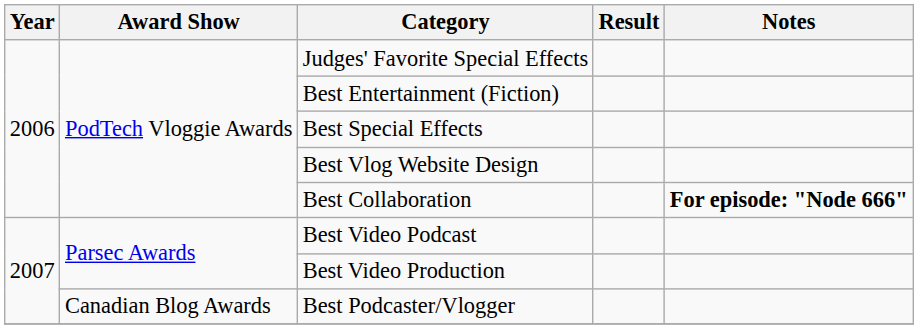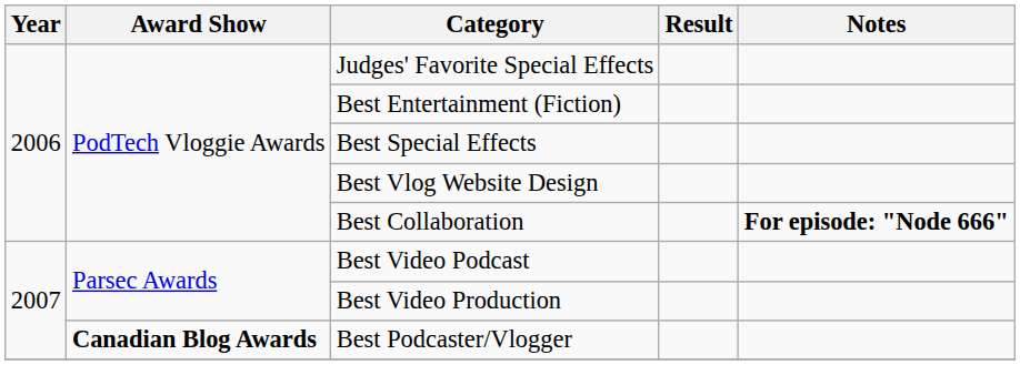 <table class="wikitable">
 <tr>
 <th>Year</th>
 <th>Award Show</th>
 <th>Category</th>
 <th>Result</th>
 <th>Notes</th>
 </tr>
 <tr>
 <td rowspan="5">2006</td>
 <td rowspan="5"><a href='#'>PodTech</a> Vloggie Awards</td>
 <td>Judges' Favorite Special Effects</td>
 <td></td>
 <td></td>
 </tr>
 <tr>
 <td>Best Entertainment (Fiction)</td>
 <td></td>
 <td></td>
 </tr>
 <tr>
 <td>Best Special Effects</td>
 <td></td>
 <td></td>
 </tr>
 <tr>
 <td>Best Vlog Website Design</td>
 <td></td>
 <td></td>
 </tr>
 <tr>
 <td>Best Collaboration</td>
 <td></td>
 <td><strong>For episode: "Node 666"</strong></td>
 </tr>
 <tr>
 <td rowspan="3">2007</td>
 <td rowspan="2"><a href='#'>Parsec Awards</a></td>
 <td>Best Video Podcast</td>
 <td></td>
 <td></td>
 </tr>
 <tr>
 <td>Best Video Production</td>
 <td></td>
 <td></td>
 </tr>
 <tr>
-<td rowspan="1">Canadian Blog Awards</td>
+<td rowspan="1"><strong>Canadian Blog Awards</strong></td>
 <td>Best Podcaster/Vlogger</td>
 <td></td>
 <td></td>
 </tr>
 <tr>
 </tr>
 </table>
